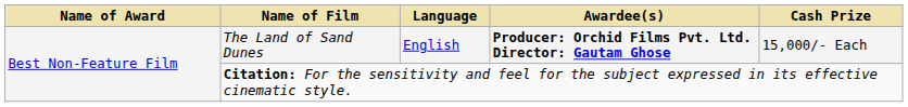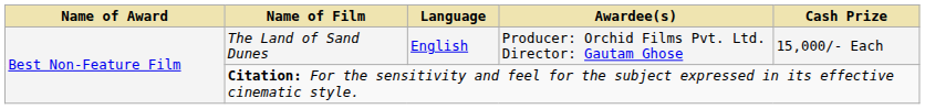 <table class="wikitable">
 <tr>
 <th style="background-color:#EFE4B0;width:24%;">Name of Award</th>
 <th style="background-color:#EFE4B0;width:20%;">Name of Film</th>
 <th style="background-color:#EFE4B0;width:10%;">Language</th>
 <th style="background-color:#EFE4B0;width:30%;">Awardee(s)</th>
 <th style="background-color:#EFE4B0;width:16%;">Cash Prize</th>
 </tr>
 <tr style="background-color:#F4F4F4">
 <td rowspan="2"><a href='#'>Best Non-Feature Film</a></td>
 <td><em>The Land of Sand Dunes</em></td>
 <td><a href='#'>English</a></td>
-<td><strong>Producer: Orchid Films Pvt. Ltd.<br>Director: <a href='#'>Gautam Ghose</a></strong></td>
+<td>Producer: Orchid Films Pvt. Ltd.<br>Director: <a href='#'>Gautam Ghose</a></td>
 <td> 15,000/- Each</td>
 </tr>
 <tr style="background-color:#F9F9F9">
 <td colspan="4"><strong>Citation:</strong> <em>For the sensitivity and feel for the subject expressed in its effective cinematic style.</em></td>
 </tr>
 </table>
